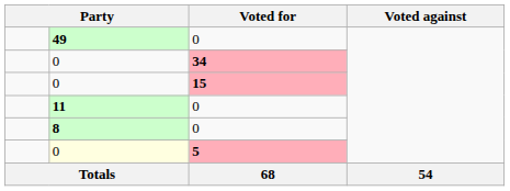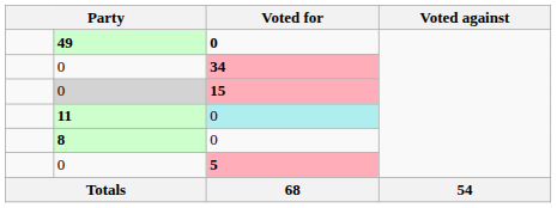 <table class="wikitable">
 <tr>
 <th width=200 colspan="2">Party</th>
 <th width=170>Voted for</th>
 <th width=170>Voted against</th>
 </tr>
 <tr>
 <td></td>
 <td style="background-color:#CCFFCC;"><strong>49</strong></td>
-<td>0</td>
+<td><strong>0</strong></td>
 </tr>
 <tr>
 <td></td>
 <td>0</td>
 <td style="background-color:#FFAEB9;"><strong>34</strong></td>
 </tr>
 <tr>
 <td></td>
-<td>0</td>
+<td style="background: lightgrey;">0</td>
 <td style="background-color:#FFAEB9;"><strong>15</strong></td>
 </tr>
 <tr>
 <td></td>
 <td style="background-color:#CCFFCC;"><strong>11</strong></td>
-<td>0</td>
+<td style="background: paleturquoise;">0</td>
 </tr>
 <tr>
 <td></td>
 <td style="background-color:#CCFFCC;"><strong>8</strong></td>
 <td>0</td>
 </tr>
 <tr>
 <td></td>
-<td style="background: lightyellow;">0</td>
+<td>0</td>
 <td style="background-color:#FFAEB9;"><strong>5</strong></td>
 </tr>
 <tr>
 <th colspan=2>Totals</th>
 <th>68</th>
 <th>54</th>
 </tr>
 </table>
